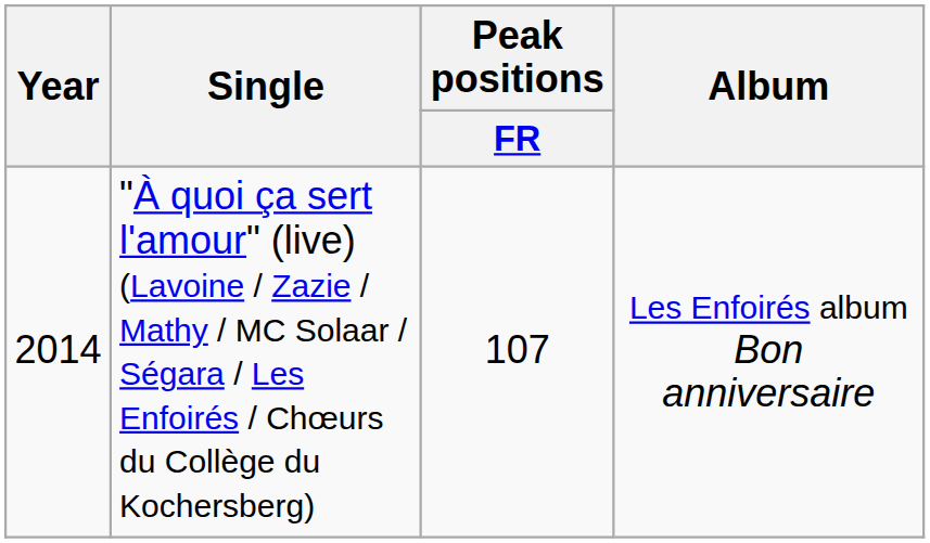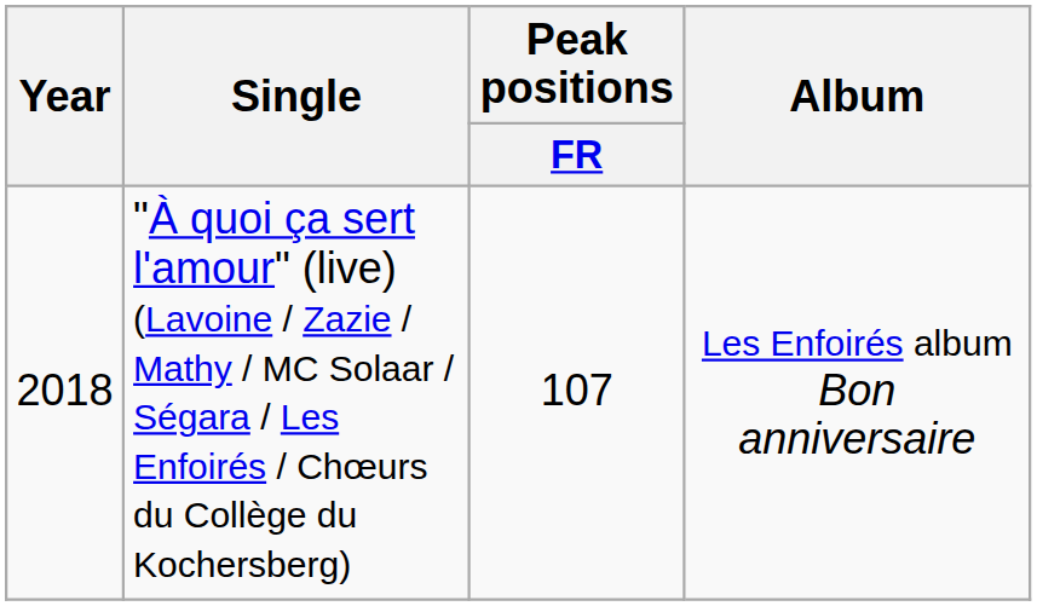 <table class="wikitable">
 <tr>
 <th align="center" rowspan="2" width="10">Year</th>
 <th align="center" rowspan="2" width="120">Single</th>
 <th align="center" colspan="1" width="20">Peak positions</th>
 <th align="center" rowspan="2" width="120">Album</th>
 </tr>
 <tr>
 <th scope="col" style="width:3em;font-size:90%;"><a href='#'>FR</a><br></th>
 </tr>
 <tr>
-<td style="text-align:center;">2014</td>
+<td style="text-align:center;">2018</td>
 <td>"<a href='#'>À quoi ça sert l'amour</a>" (live)<br><small>(<a href='#'>Lavoine</a> / <a href='#'>Zazie</a> / <a href='#'>Mathy</a> / MC Solaar / <a href='#'>Ségara</a> / <a href='#'>Les Enfoirés</a> / Chœurs du Collège du Kochersberg)</small></td>
 <td style="text-align:center;">107</td>
 <td style="text-align:center;" rowspan=1><small><a href='#'>Les Enfoirés</a> album</small><br><em>Bon anniversaire</em></td>
 </tr>
 </table>
